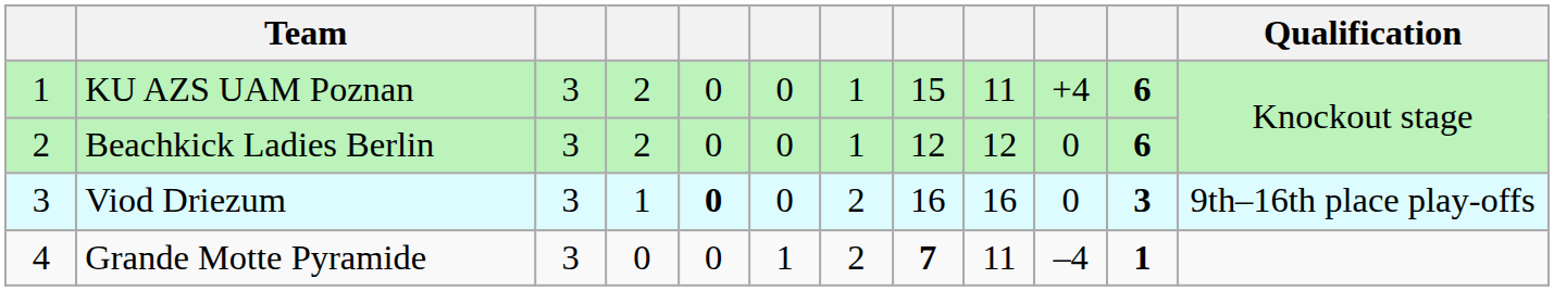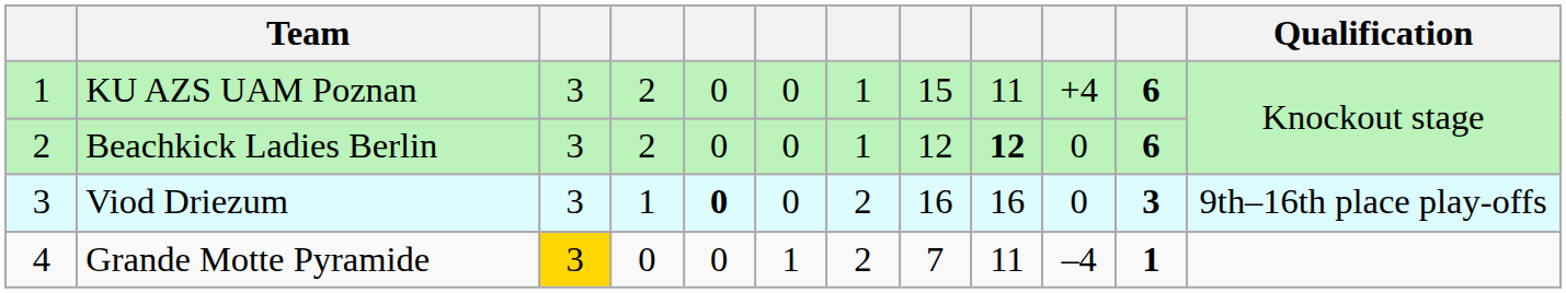 <table class="wikitable" style="font-size: 100%">
 <tr>
 <th width="25"></th>
 <th width="200">Team</th>
 <th width="25"></th>
 <th width="25"></th>
 <th width="25"></th>
 <th width="25"></th>
 <th width="25"></th>
 <th width="25"></th>
 <th width="25"></th>
 <th width="25"></th>
 <th width="25"></th>
 <th width="160">Qualification</th>
 </tr>
 <tr align=center bgcolor=#bbf3bb>
 <td>1</td>
 <td align=left> KU AZS UAM Poznan</td>
 <td>3</td>
 <td>2</td>
 <td>0</td>
 <td>0</td>
 <td>1</td>
 <td>15</td>
 <td>11</td>
 <td>+4</td>
 <td><strong>6</strong></td>
 <td rowspan=2>Knockout stage</td>
 </tr>
 <tr align=center bgcolor=#bbf3bb>
 <td>2</td>
 <td align=left> Beachkick Ladies Berlin</td>
 <td>3</td>
 <td>2</td>
 <td>0</td>
 <td>0</td>
 <td>1</td>
 <td>12</td>
-<td>12</td>
+<td><strong>12</strong></td>
 <td>0</td>
 <td><strong>6</strong></td>
 </tr>
 <tr align=center bgcolor=#ddfcff>
 <td>3</td>
 <td align=left> Viod Driezum</td>
 <td>3</td>
 <td>1</td>
 <td><strong>0</strong></td>
 <td>0</td>
 <td>2</td>
 <td>16</td>
 <td>16</td>
 <td>0</td>
 <td><strong>3</strong></td>
 <td>9th–16th place play-offs</td>
 </tr>
 <tr align=center>
 <td>4</td>
 <td align=left> Grande Motte Pyramide</td>
-<td>3</td>
+<td style="background: gold;">3</td>
 <td>0</td>
 <td>0</td>
 <td>1</td>
 <td>2</td>
-<td><strong>7</strong></td>
+<td>7</td>
 <td>11</td>
 <td>–4</td>
 <td><strong>1</strong></td>
 <td></td>
 </tr>
 </table>
